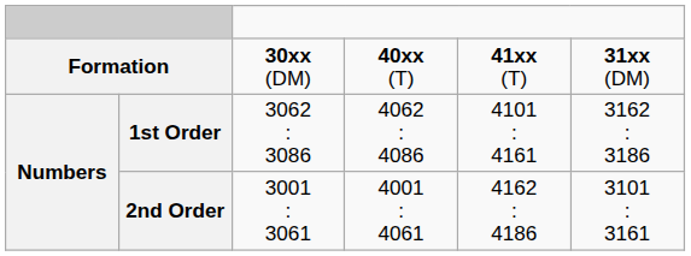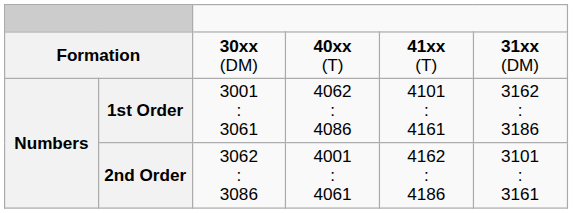 <table class="wikitable" style="text-align:center; font-size:90%;">
 <tr>
 <th style="background-color:#ccc;" colspan="2"> </th>
 <td colspan="4"></td>
 </tr>
 <tr style="border-top:solid 3px #">
 <th colspan="2">Formation</th>
 <td style="width:5em"><strong>30xx</strong><br>(DM)</td>
 <td style="width:5em"><strong>40xx</strong><br>(T)</td>
 <td style="width:5em"><strong>41xx</strong><br>(T)</td>
 <td style="width:5em"><strong>31xx</strong><br>(DM)</td>
 </tr>
 <tr>
 <th style="width:5em" rowspan="2">Numbers</th>
 <th style="width:5em">1st Order</th>
-<td align=center>3062<br>:<br>3086</td>
+<td align=center>3001<br>:<br>3061</td>
 <td align=center>4062<br>:<br>4086</td>
 <td align=center>4101<br>:<br>4161</td>
 <td align=center>3162<br>:<br>3186</td>
 </tr>
 <tr>
 <th>2nd Order</th>
-<td align=center>3001<br>:<br>3061</td>
+<td align=center>3062<br>:<br>3086</td>
 <td align=center>4001<br>:<br>4061</td>
 <td align=center>4162<br>:<br>4186</td>
 <td align=center>3101<br>:<br>3161</td>
 </tr>
 </table>
